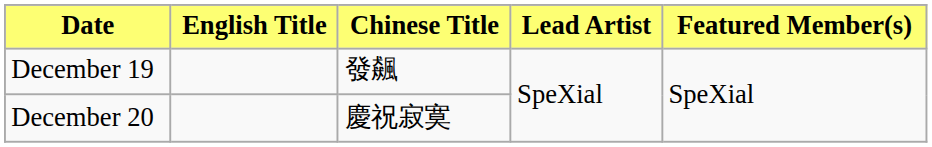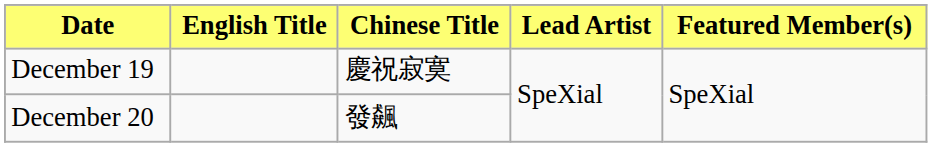 <table class="wikitable" style="font-size:14px" text-align="center" width="55%">
 <tr>
 <th style="background: #FDFF73"><strong>Date</strong></th>
 <th style="background: #FDFF73"><strong>English Title</strong></th>
 <th style="background: #FDFF73"><strong>Chinese Title</strong></th>
 <th style="background: #FDFF73"><strong>Lead Artist</strong></th>
 <th style="background: #FDFF73"><strong>Featured Member(s)</strong></th>
 </tr>
 <tr>
 <td>December 19</td>
 <td></td>
-<td>發飆</td>
+<td>慶祝寂寞</td>
 <td rowspan="2">SpeXial</td>
 <td rowspan="2">SpeXial</td>
 </tr>
 <tr>
 <td>December 20</td>
 <td></td>
-<td>慶祝寂寞</td>
+<td>發飆</td>
 </tr>
 </table>
